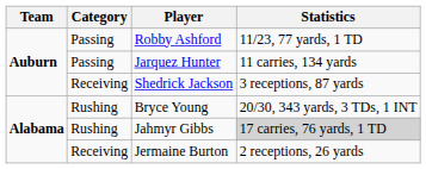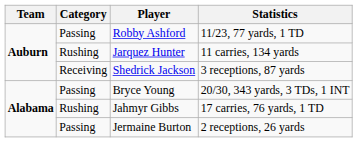 <table class="wikitable" style="float: right;">
 <tr>
 <th>Team</th>
 <th>Category</th>
 <th>Player</th>
 <th>Statistics</th>
 </tr>
 <tr>
 <td rowspan=3><strong>Auburn</strong></td>
 <td>Passing</td>
 <td><a href='#'>Robby Ashford</a></td>
 <td>11/23, 77 yards, 1 TD</td>
 </tr>
 <tr>
-<td>Passing</td>
+<td>Rushing</td>
 <td><a href='#'>Jarquez Hunter</a></td>
 <td>11 carries, 134 yards</td>
 </tr>
 <tr>
 <td>Receiving</td>
 <td><a href='#'>Shedrick Jackson</a></td>
 <td>3 receptions, 87 yards</td>
 </tr>
 <tr>
 <td rowspan=3><strong>Alabama</strong></td>
-<td>Rushing</td>
+<td>Passing</td>
 <td>Bryce Young</td>
 <td>20/30, 343 yards, 3 TDs, 1 INT</td>
 </tr>
 <tr>
 <td>Rushing</td>
 <td>Jahmyr Gibbs</td>
-<td style="background: lightgrey;">17 carries, 76 yards, 1 TD</td>
+<td>17 carries, 76 yards, 1 TD</td>
 </tr>
 <tr>
-<td>Receiving</td>
+<td>Passing</td>
 <td>Jermaine Burton</td>
 <td>2 receptions, 26 yards</td>
 </tr>
 </table>
